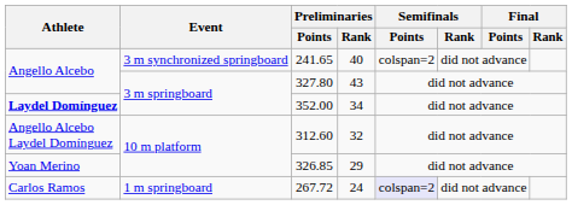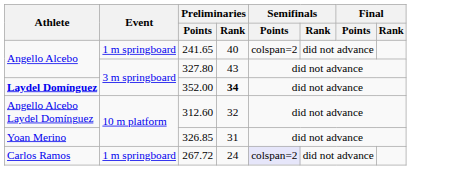 <table class="wikitable" style="text-align:center; font-size:90%">
 <tr>
 <th rowspan=2>Athlete</th>
 <th rowspan=2>Event</th>
 <th colspan=2>Preliminaries</th>
 <th colspan=2>Semifinals</th>
 <th colspan=2>Final</th>
 </tr>
 <tr style="font-size:95%">
 <th>Points</th>
 <th>Rank</th>
 <th>Points</th>
 <th>Rank</th>
 <th>Points</th>
 <th>Rank</th>
 </tr>
 <tr>
 <td align=left rowspan=2><a href='#'>Angello Alcebo</a></td>
-<td align=left><a href='#'>3 m synchronized springboard</a></td>
+<td align=left><a href='#'>1 m springboard</a></td>
 <td>241.65</td>
 <td>40</td>
 <td>colspan=2 </td>
 <td colspan=2>did not advance</td>
 </tr>
 <tr>
 <td rowspan=2 align=left><a href='#'>3 m springboard</a></td>
 <td>327.80</td>
 <td>43</td>
 <td colspan=4>did not advance</td>
 </tr>
 <tr>
 <td align=left><strong><a href='#'>Laydel Domínguez</a></strong></td>
 <td>352.00</td>
-<td>34</td>
+<td><strong>34</strong></td>
 <td colspan=4>did not advance</td>
 </tr>
 <tr>
 <td align=left><a href='#'>Angello Alcebo</a><br><a href='#'>Laydel Domínguez</a></td>
 <td rowspan=2 align=left><a href='#'>10 m platform</a></td>
 <td>312.60</td>
 <td>32</td>
 <td colspan=4>did not advance</td>
 </tr>
 <tr>
 <td align=left><a href='#'>Yoan Merino</a></td>
 <td>326.85</td>
-<td>29</td>
+<td>31</td>
 <td colspan=4>did not advance</td>
 </tr>
 <tr>
 <td align=left><a href='#'>Carlos Ramos</a></td>
 <td align=left><a href='#'>1 m springboard</a></td>
 <td>267.72</td>
 <td>24</td>
 <td style="background: lavender;">colspan=2 </td>
 <td colspan=2>did not advance</td>
 </tr>
 </table>
